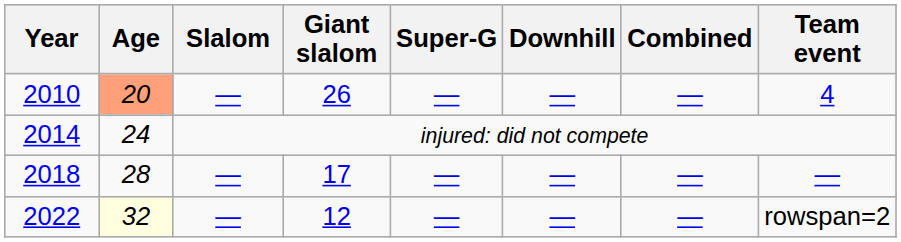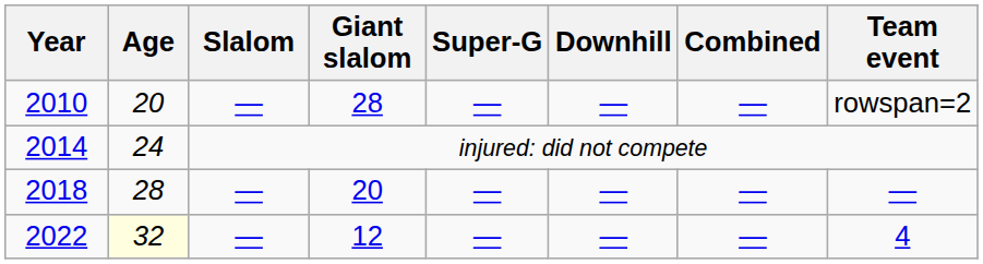 <table class=wikitable style="text-align:center">
 <tr>
 <th>  Year  </th>
 <th> Age </th>
 <th> Slalom </th>
 <th> Giant <br> slalom </th>
 <th>Super-G</th>
 <th>Downhill</th>
 <th>Combined</th>
 <th>Team<br>event</th>
 </tr>
 <tr>
 <td><a href='#'>2010</a></td>
-<td style="background: lightsalmon;"><em>20</em></td>
+<td><em>20</em></td>
 <td><a href='#'>—</a></td>
-<td><a href='#'>26</a></td>
+<td><a href='#'>28</a></td>
 <td><a href='#'>—</a></td>
 <td><a href='#'>—</a></td>
 <td><a href='#'>—</a></td>
-<td><a href='#'>4</a></td>
+<td>rowspan=2 </td>
 </tr>
 <tr>
 <td><a href='#'>2014</a></td>
 <td><em>24</em></td>
 <td colspan=6><small><em>injured: did not compete</em></small></td>
 </tr>
 <tr>
 <td><a href='#'>2018</a></td>
 <td><em>28</em></td>
 <td><a href='#'>—</a></td>
-<td><a href='#'>17</a></td>
+<td><a href='#'>20</a></td>
 <td><a href='#'>—</a></td>
 <td><a href='#'>—</a></td>
 <td><a href='#'>—</a></td>
 <td><a href='#'>—</a></td>
 </tr>
 <tr>
 <td><a href='#'>2022</a></td>
 <td style="background: lightyellow;"><em>32</em></td>
 <td><a href='#'>—</a></td>
 <td><a href='#'>12</a></td>
 <td><a href='#'>—</a></td>
 <td><a href='#'>—</a></td>
 <td><a href='#'>—</a></td>
-<td>rowspan=2 </td>
+<td><a href='#'>4</a></td>
 </tr>
 </table>
